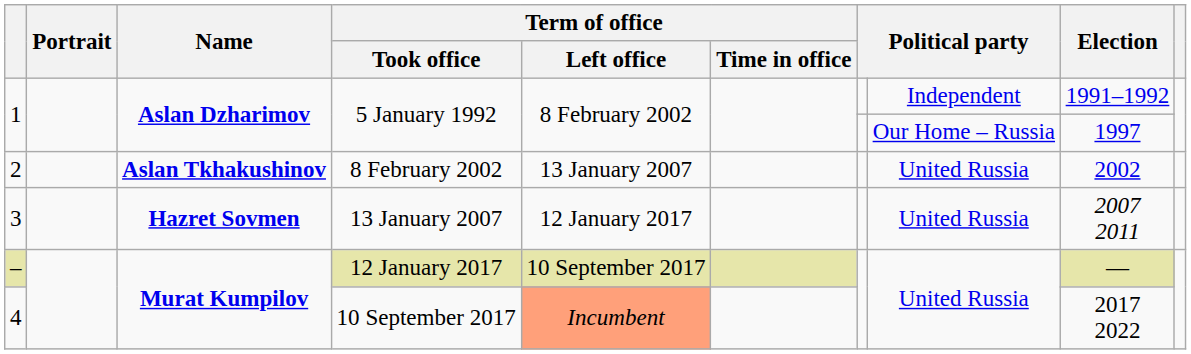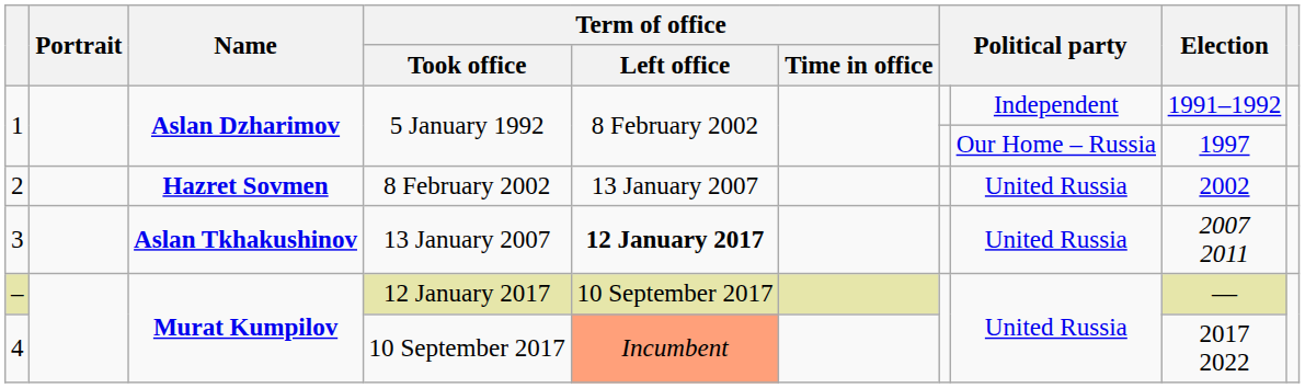 <table class="wikitable" style="text-align:center">
 <tr>
 <th rowspan=2></th>
 <th rowspan=2>Portrait</th>
 <th rowspan=2>Name<br></th>
 <th colspan=3>Term of office</th>
 <th colspan=2 rowspan=2>Political party</th>
 <th rowspan=2>Election</th>
 <th rowspan=2></th>
 </tr>
 <tr>
 <th>Took office</th>
 <th>Left office</th>
 <th>Time in office</th>
 </tr>
 <tr>
 <td rowspan=2>1</td>
 <td rowspan=2></td>
 <td rowspan=2><strong><a href='#'>Aslan Dzharimov</a></strong><br></td>
 <td rowspan=2>5 January 1992</td>
 <td rowspan=2>8 February 2002</td>
 <td rowspan=2></td>
 <td style="background: "></td>
 <td><a href='#'>Independent</a></td>
 <td><a href='#'>1991–1992</a></td>
 <td rowspan=2></td>
 </tr>
 <tr>
 <td style="background: "></td>
 <td><a href='#'>Our Home – Russia</a></td>
 <td><a href='#'>1997</a></td>
 </tr>
 <tr>
 <td>2</td>
 <td></td>
-<td><strong><a href='#'>Aslan Tkhakushinov</a></strong><br></td>
+<td><strong><a href='#'>Hazret Sovmen</a></strong><br></td>
 <td>8 February 2002</td>
 <td>13 January 2007</td>
 <td></td>
 <td style="background: "></td>
 <td><a href='#'>United Russia</a></td>
 <td><a href='#'>2002</a></td>
 <td></td>
 </tr>
 <tr>
 <td>3</td>
 <td></td>
-<td><strong><a href='#'>Hazret Sovmen</a></strong><br></td>
+<td><strong><a href='#'>Aslan Tkhakushinov</a></strong><br></td>
 <td>13 January 2007</td>
-<td>12 January 2017</td>
+<td><strong>12 January 2017</strong></td>
 <td></td>
 <td style="background: "></td>
 <td><a href='#'>United Russia</a></td>
 <td><em>2007</em><br><em>2011</em></td>
 <td></td>
 </tr>
 <tr>
 <td style="background:#e6e6aa;">–</td>
 <td rowspan=2></td>
 <td rowspan=2><strong><a href='#'>Murat Kumpilov</a></strong><br></td>
 <td style="background:#e6e6aa;">12 January 2017</td>
 <td style="background:#e6e6aa;">10 September 2017</td>
 <td style="background:#e6e6aa;"></td>
 <td rowspan=2 style="background: "></td>
 <td rowspan=2><a href='#'>United Russia</a></td>
 <td style="background:#e6e6aa;">—</td>
 <td rowspan=2></td>
 </tr>
 <tr>
 <td>4</td>
 <td>10 September 2017</td>
 <td style="background: lightsalmon;"><em>Incumbent</em></td>
 <td></td>
 <td>2017<br>2022</td>
 </tr>
 </table>
